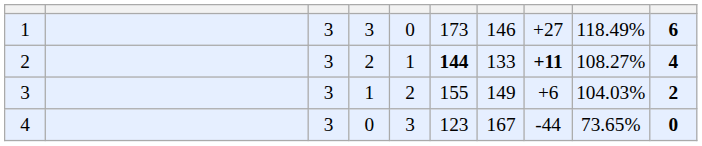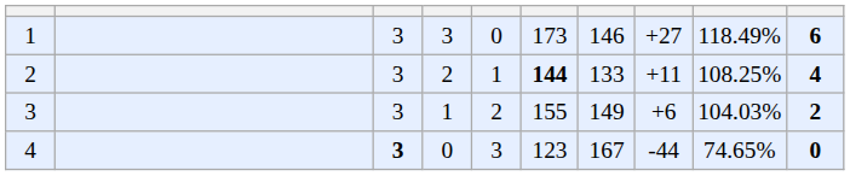 <table class="wikitable" style="text-align:center; font-size:95%">
 <tr>
 <th width="25"></th>
 <th width="200"></th>
 <th width="25"></th>
 <th width="25"></th>
 <th width="25"></th>
 <th width="30"></th>
 <th width="30"></th>
 <th width="30"></th>
 <th width="30"></th>
 <th width="30"></th>
 </tr>
 <tr style="background:#e6efff">
 <td>1</td>
 <td style="text-align:left"></td>
 <td>3</td>
 <td>3</td>
 <td>0</td>
 <td>173</td>
 <td>146</td>
 <td>+27</td>
 <td>118.49%</td>
 <td><strong>6</strong></td>
 </tr>
 <tr style="background:#e6efff">
 <td>2</td>
 <td style="text-align:left"></td>
 <td>3</td>
 <td>2</td>
 <td>1</td>
 <td><strong>144</strong></td>
 <td>133</td>
-<td><strong>+11</strong></td>
-<td>108.27%</td>
+<td>+11</td>
+<td>108.25%</td>
 <td><strong>4</strong></td>
 </tr>
 <tr style="background:#e6efff">
 <td>3</td>
 <td style="text-align:left"></td>
 <td>3</td>
 <td>1</td>
 <td>2</td>
 <td>155</td>
 <td>149</td>
 <td>+6</td>
 <td>104.03%</td>
 <td><strong>2</strong></td>
 </tr>
 <tr style="background:#e6efff">
 <td>4</td>
 <td style="text-align:left"></td>
-<td>3</td>
+<td><strong>3</strong></td>
 <td>0</td>
 <td>3</td>
 <td>123</td>
 <td>167</td>
 <td>-44</td>
-<td>73.65%</td>
+<td>74.65%</td>
 <td><strong>0</strong></td>
 </tr>
 </table>
